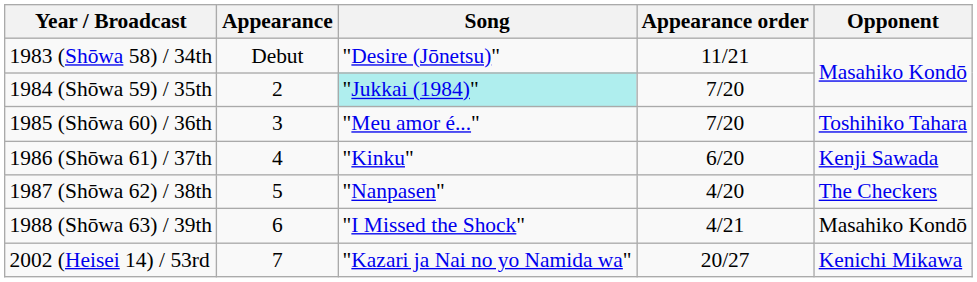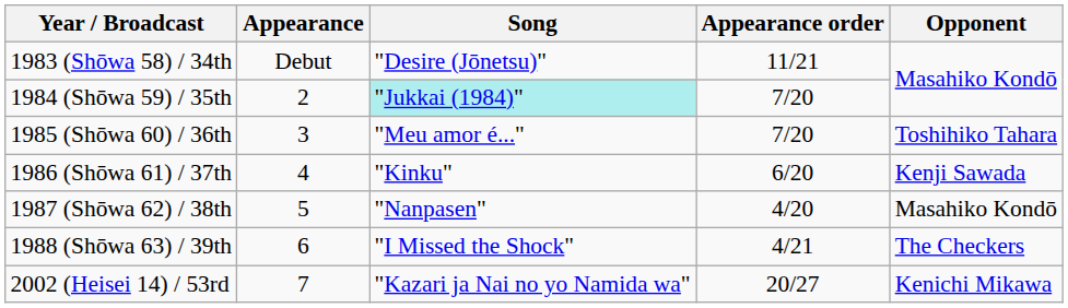 <table class=wikitable>
 <tr>
 <th>Year / Broadcast</th>
 <th>Appearance</th>
 <th>Song</th>
 <th>Appearance order</th>
 <th>Opponent</th>
 </tr>
 <tr>
 <td>1983 (<a href='#'>Shōwa</a> 58) / 34th</td>
 <td align=center>Debut</td>
 <td>"<a href='#'>Desire (Jōnetsu)</a>"</td>
 <td align=center>11/21</td>
 <td rowspan="2"><a href='#'>Masahiko Kondō</a></td>
 </tr>
 <tr>
 <td>1984 (Shōwa 59) / 35th</td>
 <td align=center>2</td>
 <td style="background: paleturquoise;">"<a href='#'>Jukkai (1984)</a>"</td>
 <td align=center>7/20</td>
 </tr>
 <tr>
 <td>1985 (Shōwa 60) / 36th</td>
 <td align=center>3</td>
 <td>"<a href='#'>Meu amor é...</a>"</td>
 <td align=center>7/20</td>
 <td><a href='#'>Toshihiko Tahara</a></td>
 </tr>
 <tr>
 <td>1986 (Shōwa 61) / 37th</td>
 <td align=center>4</td>
 <td>"<a href='#'>Kinku</a>"</td>
 <td align=center>6/20</td>
 <td><a href='#'>Kenji Sawada</a></td>
 </tr>
 <tr>
 <td>1987 (Shōwa 62) / 38th</td>
 <td align=center>5</td>
 <td>"<a href='#'>Nanpasen</a>"</td>
 <td align=center>4/20</td>
-<td><a href='#'>The Checkers</a></td>
+<td>Masahiko Kondō</td>
 </tr>
 <tr>
 <td>1988 (Shōwa 63) / 39th</td>
 <td align=center>6</td>
 <td>"<a href='#'>I Missed the Shock</a>"</td>
 <td align=center>4/21</td>
-<td>Masahiko Kondō</td>
+<td><a href='#'>The Checkers</a></td>
 </tr>
 <tr>
 <td>2002 (<a href='#'>Heisei</a> 14) / 53rd</td>
 <td align=center>7</td>
 <td>"<a href='#'>Kazari ja Nai no yo Namida wa</a>"</td>
 <td align=center>20/27</td>
 <td><a href='#'>Kenichi Mikawa</a></td>
 </tr>
 </table>
